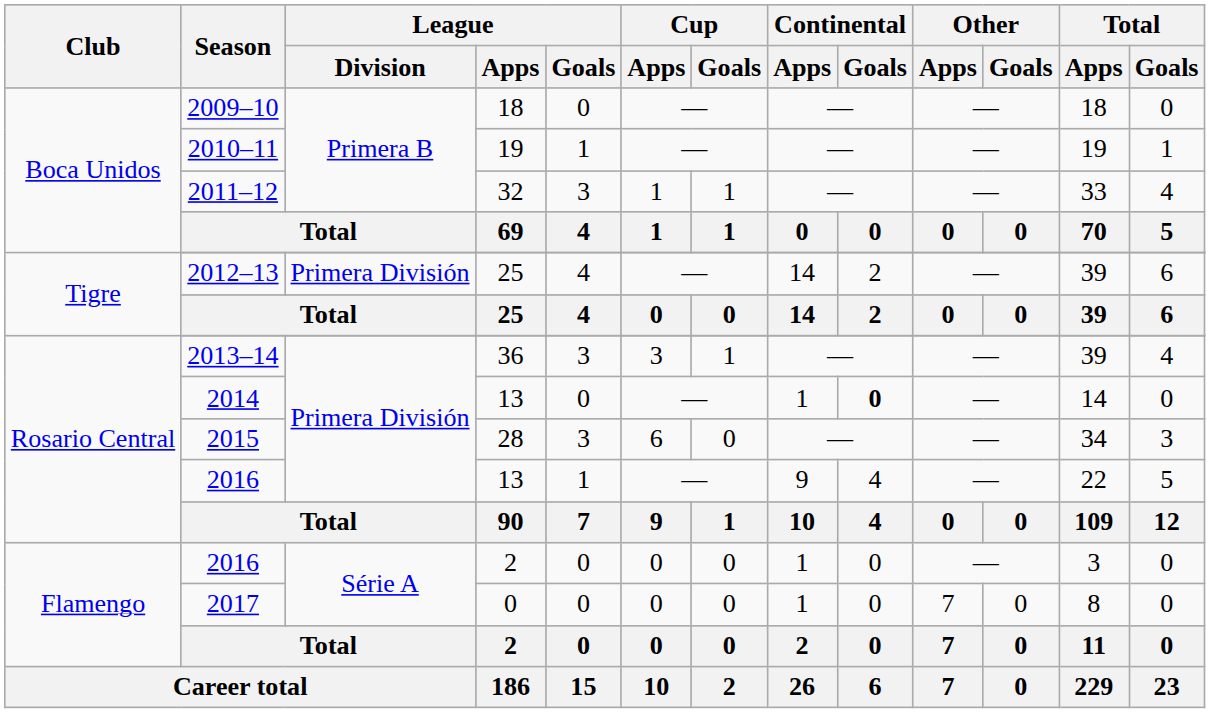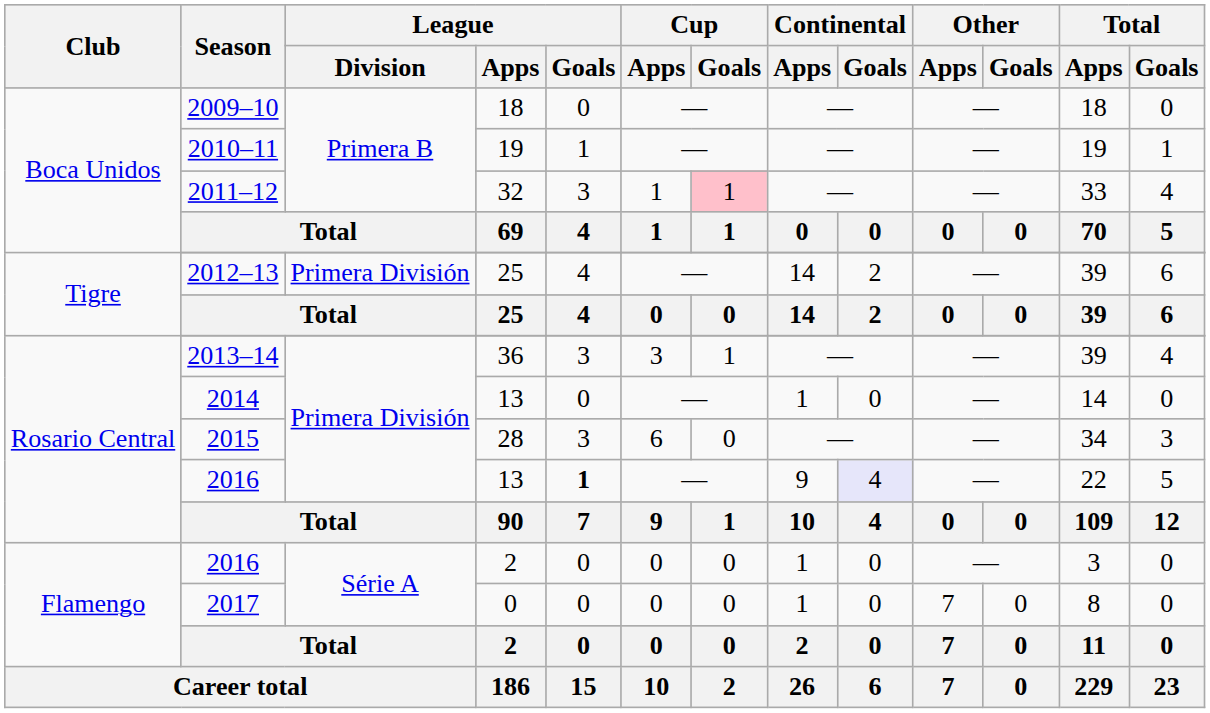 <table class="wikitable" style="text-align: center;">
 <tr>
 <th rowspan="2">Club</th>
 <th rowspan="2">Season</th>
 <th colspan="3">League</th>
 <th colspan="2">Cup</th>
 <th colspan="2">Continental</th>
 <th colspan="2">Other</th>
 <th colspan="2">Total</th>
 </tr>
 <tr>
 <th>Division</th>
 <th>Apps</th>
 <th>Goals</th>
 <th>Apps</th>
 <th>Goals</th>
 <th>Apps</th>
 <th>Goals</th>
 <th>Apps</th>
 <th>Goals</th>
 <th>Apps</th>
 <th>Goals</th>
 </tr>
 <tr>
 <td rowspan="4"><a href='#'>Boca Unidos</a></td>
 <td><a href='#'>2009–10</a></td>
 <td rowspan="3"><a href='#'>Primera B</a></td>
 <td>18</td>
 <td>0</td>
 <td colspan="2">—</td>
 <td colspan="2">—</td>
 <td colspan="2">—</td>
 <td>18</td>
 <td>0</td>
 </tr>
 <tr>
 <td><a href='#'>2010–11</a></td>
 <td>19</td>
 <td>1</td>
 <td colspan="2">—</td>
 <td colspan="2">—</td>
 <td colspan="2">—</td>
 <td>19</td>
 <td>1</td>
 </tr>
 <tr>
 <td><a href='#'>2011–12</a></td>
 <td>32</td>
 <td>3</td>
 <td>1</td>
-<td>1</td>
+<td style="background: pink;">1</td>
 <td colspan="2">—</td>
 <td colspan="2">—</td>
 <td>33</td>
 <td>4</td>
 </tr>
 <tr>
 <th colspan="2">Total</th>
 <th>69</th>
 <th>4</th>
 <th>1</th>
 <th>1</th>
 <th>0</th>
 <th>0</th>
 <th>0</th>
 <th>0</th>
 <th>70</th>
 <th>5</th>
 </tr>
 <tr>
 <td rowspan="3"><a href='#'>Tigre</a></td>
 </tr>
 <tr>
 <td><a href='#'>2012–13</a></td>
 <td><a href='#'>Primera División</a></td>
 <td>25</td>
 <td>4</td>
 <td colspan="2">—</td>
 <td>14</td>
 <td>2</td>
 <td colspan="2">—</td>
 <td>39</td>
 <td>6</td>
 </tr>
 <tr>
 <th colspan="2">Total</th>
 <th>25</th>
 <th>4</th>
 <th>0</th>
 <th>0</th>
 <th>14</th>
 <th>2</th>
 <th>0</th>
 <th>0</th>
 <th>39</th>
 <th>6</th>
 </tr>
 <tr>
 <td rowspan="6"><a href='#'>Rosario Central</a></td>
 </tr>
 <tr>
 <td><a href='#'>2013–14</a></td>
 <td rowspan="4"><a href='#'>Primera División</a></td>
 <td>36</td>
 <td>3</td>
 <td>3</td>
 <td>1</td>
 <td colspan="2">—</td>
 <td colspan="2">—</td>
 <td>39</td>
 <td>4</td>
 </tr>
 <tr>
 <td><a href='#'>2014</a></td>
 <td>13</td>
 <td>0</td>
 <td colspan="2">—</td>
 <td>1</td>
-<td><strong>0</strong></td>
+<td>0</td>
 <td colspan="2">—</td>
 <td>14</td>
 <td>0</td>
 </tr>
 <tr>
 <td><a href='#'>2015</a></td>
 <td>28</td>
 <td>3</td>
 <td>6</td>
 <td>0</td>
 <td colspan="2">—</td>
 <td colspan="2">—</td>
 <td>34</td>
 <td>3</td>
 </tr>
 <tr>
 <td><a href='#'>2016</a></td>
 <td>13</td>
-<td>1</td>
+<td><strong>1</strong></td>
 <td colspan="2">—</td>
 <td>9</td>
-<td>4</td>
+<td style="background: lavender;">4</td>
 <td colspan="2">—</td>
 <td>22</td>
 <td>5</td>
 </tr>
 <tr>
 <th colspan="2">Total</th>
 <th>90</th>
 <th>7</th>
 <th>9</th>
 <th>1</th>
 <th>10</th>
 <th>4</th>
 <th>0</th>
 <th>0</th>
 <th>109</th>
 <th>12</th>
 </tr>
 <tr>
 <td rowspan="3"><a href='#'>Flamengo</a></td>
 <td><a href='#'>2016</a></td>
 <td rowspan="2"><a href='#'>Série A</a></td>
 <td>2</td>
 <td>0</td>
 <td>0</td>
 <td>0</td>
 <td>1</td>
 <td>0</td>
 <td colspan="2">—</td>
 <td>3</td>
 <td>0</td>
 </tr>
 <tr>
 <td><a href='#'>2017</a></td>
 <td>0</td>
 <td>0</td>
 <td>0</td>
 <td>0</td>
 <td>1</td>
 <td>0</td>
 <td>7</td>
 <td>0</td>
 <td>8</td>
 <td>0</td>
 </tr>
 <tr>
 <th colspan="2">Total</th>
 <th>2</th>
 <th>0</th>
 <th>0</th>
 <th>0</th>
 <th>2</th>
 <th>0</th>
 <th>7</th>
 <th>0</th>
 <th>11</th>
 <th>0</th>
 </tr>
 <tr>
 <th colspan="3">Career total</th>
 <th>186</th>
 <th>15</th>
 <th>10</th>
 <th>2</th>
 <th>26</th>
 <th>6</th>
 <th>7</th>
 <th>0</th>
 <th>229</th>
 <th>23</th>
 </tr>
 </table>
